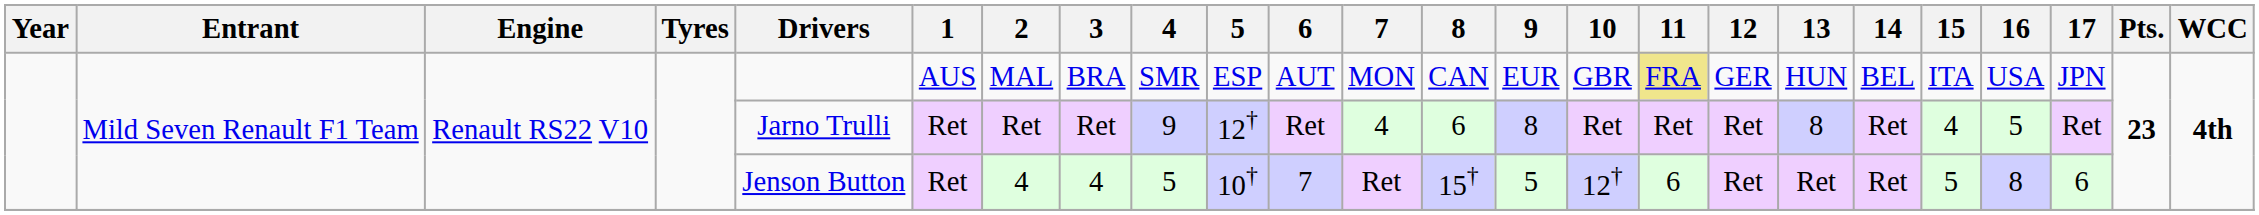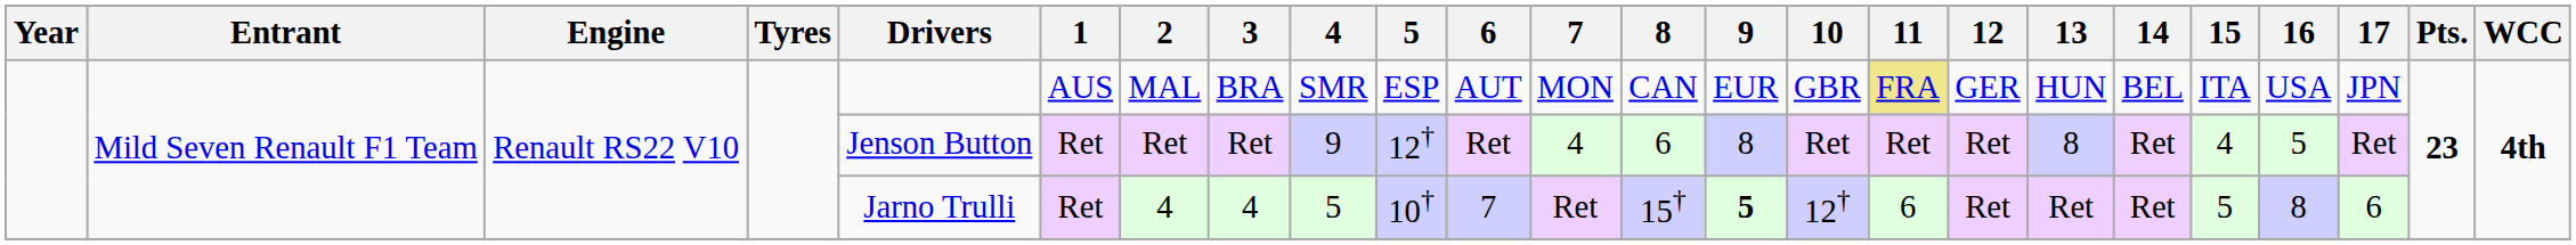 <table class="wikitable" style="text-align:center; font-size:90%">
 <tr>
 <th>Year</th>
 <th>Entrant</th>
 <th>Engine</th>
 <th>Tyres</th>
 <th>Drivers</th>
 <th>1</th>
 <th>2</th>
 <th>3</th>
 <th>4</th>
 <th>5</th>
 <th>6</th>
 <th>7</th>
 <th>8</th>
 <th>9</th>
 <th>10</th>
 <th>11</th>
 <th>12</th>
 <th>13</th>
 <th>14</th>
 <th>15</th>
 <th>16</th>
 <th>17</th>
 <th>Pts.</th>
 <th>WCC</th>
 </tr>
 <tr>
 <td rowspan="3"></td>
 <td rowspan="3"><a href='#'>Mild Seven Renault F1 Team</a></td>
 <td rowspan="3"><a href='#'>Renault RS22</a> <a href='#'>V10</a></td>
 <td rowspan="3"></td>
 <td></td>
 <td><a href='#'>AUS</a></td>
 <td><a href='#'>MAL</a></td>
 <td><a href='#'>BRA</a></td>
 <td><a href='#'>SMR</a></td>
 <td><a href='#'>ESP</a></td>
 <td><a href='#'>AUT</a></td>
 <td><a href='#'>MON</a></td>
 <td><a href='#'>CAN</a></td>
 <td><a href='#'>EUR</a></td>
 <td><a href='#'>GBR</a></td>
 <td style="background: khaki;"><a href='#'>FRA</a></td>
 <td><a href='#'>GER</a></td>
 <td><a href='#'>HUN</a></td>
 <td><a href='#'>BEL</a></td>
 <td><a href='#'>ITA</a></td>
 <td><a href='#'>USA</a></td>
 <td><a href='#'>JPN</a></td>
 <td rowspan="3"><strong>23</strong></td>
 <td rowspan="3"><strong>4th</strong></td>
 </tr>
 <tr>
-<td> <a href='#'>Jarno Trulli</a></td>
+<td> <a href='#'>Jenson Button</a></td>
 <td style="background:#EFCFFF;">Ret</td>
 <td style="background:#EFCFFF;">Ret</td>
 <td style="background:#EFCFFF;">Ret</td>
 <td style="background:#CFCFFF;">9</td>
 <td style="background:#CFCFFF;">12<sup>†</sup></td>
 <td style="background:#EFCFFF;">Ret</td>
 <td style="background:#DFFFDF;">4</td>
 <td style="background:#DFFFDF;">6</td>
 <td style="background:#CFCFFF;">8</td>
 <td style="background:#EFCFFF;">Ret</td>
 <td style="background:#EFCFFF;">Ret</td>
 <td style="background:#EFCFFF;">Ret</td>
 <td style="background:#CFCFFF;">8</td>
 <td style="background:#EFCFFF;">Ret</td>
 <td style="background:#DFFFDF;">4</td>
 <td style="background:#DFFFDF;">5</td>
 <td style="background:#EFCFFF;">Ret</td>
 </tr>
 <tr>
-<td> <a href='#'>Jenson Button</a></td>
+<td> <a href='#'>Jarno Trulli</a></td>
 <td style="background:#EFCFFF;">Ret</td>
 <td style="background:#DFFFDF;">4</td>
 <td style="background:#DFFFDF;">4</td>
 <td style="background:#DFFFDF;">5</td>
 <td style="background:#CFCFFF;">10<sup>†</sup></td>
 <td style="background:#CFCFFF;">7</td>
 <td style="background:#EFCFFF;">Ret</td>
 <td style="background:#CFCFFF;">15<sup>†</sup></td>
-<td style="background:#DFFFDF;">5</td>
+<td style="background:#DFFFDF;"><strong>5</strong></td>
 <td style="background:#CFCFFF;">12<sup>†</sup></td>
 <td style="background:#DFFFDF;">6</td>
 <td style="background:#EFCFFF;">Ret</td>
 <td style="background:#EFCFFF;">Ret</td>
 <td style="background:#EFCFFF;">Ret</td>
 <td style="background:#DFFFDF;">5</td>
 <td style="background:#CFCFFF;">8</td>
 <td style="background:#DFFFDF;">6</td>
 </tr>
 <tr>
 </tr>
 </table>
